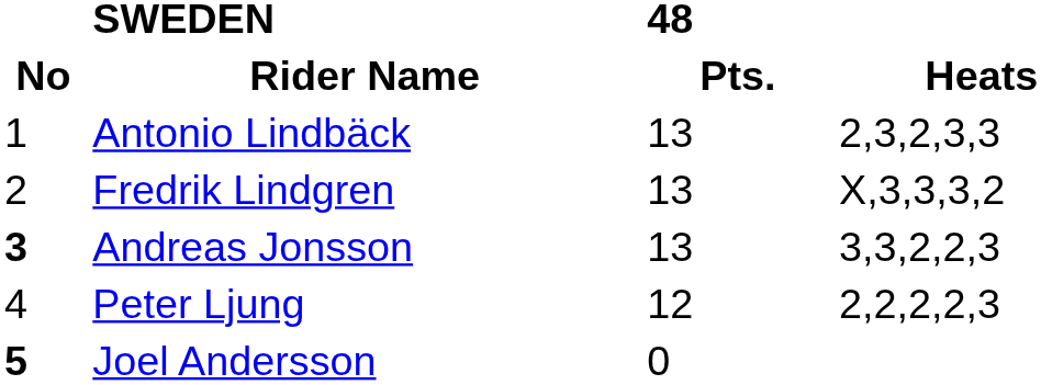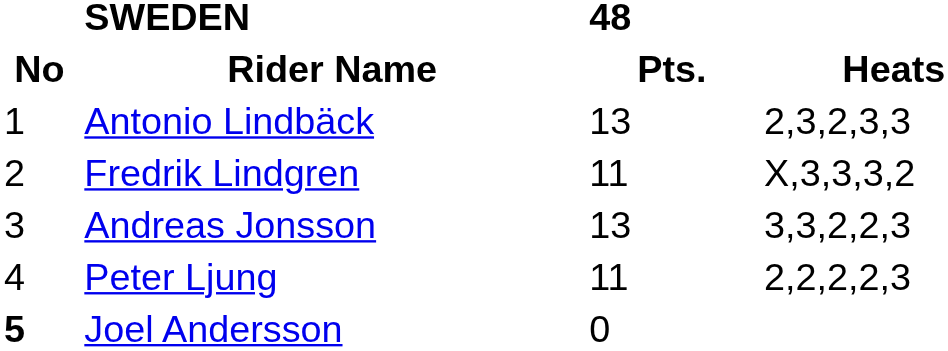 <table class="toccolours">
 <tr>
 <td></td>
 <td><strong>SWEDEN</strong></td>
 <td><strong>48</strong></td>
 </tr>
 <tr style="background-color:">
 <th width=30px>No</th>
 <th width=210px>Rider Name</th>
 <th width=70px>Pts.</th>
 <th width=110px>Heats</th>
 </tr>
 <tr style="background-color:">
 <td>1</td>
 <td><a href='#'>Antonio Lindbäck</a></td>
 <td>13</td>
 <td>2,3,2,3,3</td>
 </tr>
 <tr style="background-color:">
 <td>2</td>
 <td><a href='#'>Fredrik Lindgren</a></td>
-<td>13</td>
+<td>11</td>
 <td>X,3,3,3,2</td>
 </tr>
 <tr style="background-color:">
-<td><strong>3</strong></td>
+<td>3</td>
 <td><a href='#'>Andreas Jonsson</a></td>
 <td>13</td>
 <td>3,3,2,2,3</td>
 </tr>
 <tr style="background-color:">
 <td>4</td>
 <td><a href='#'>Peter Ljung</a></td>
-<td>12</td>
+<td>11</td>
 <td>2,2,2,2,3</td>
 </tr>
 <tr style="background-color:">
 <td><strong>5</strong></td>
 <td><a href='#'>Joel Andersson</a></td>
 <td>0</td>
 <td></td>
 </tr>
 </table>
